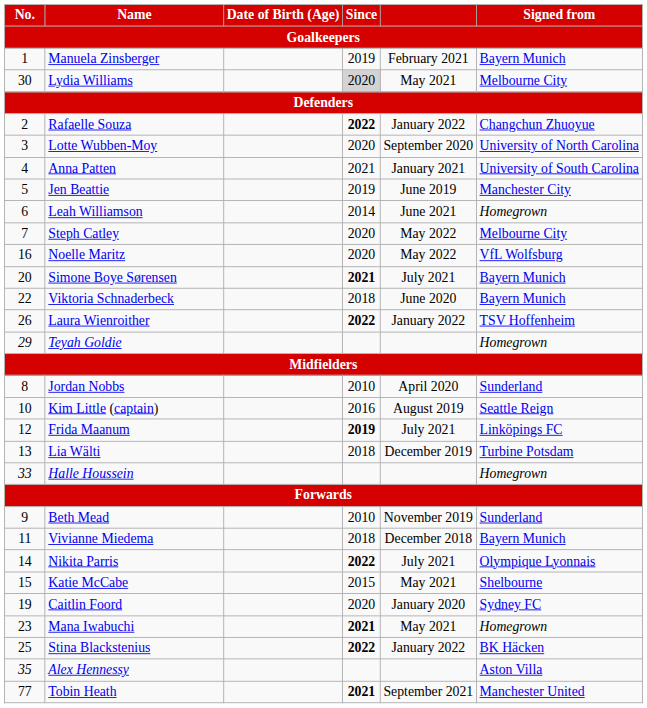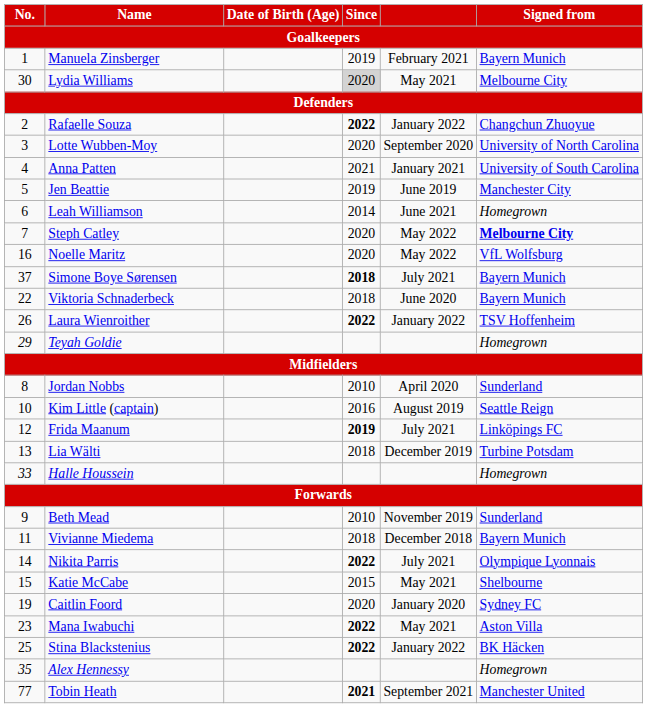 <table class="wikitable" style="text-align:center; font-size:100%; ">
 <tr>
 <th style="background:#d50000; color:white; text-align:center; width:40px;">No.</th>
 <th style="background:#d50000; color:white; text-align:center; width:200px;">Name</th>
 <th style="background:#d50000; color:white; text-align:center;">Date of Birth (Age)</th>
 <th style="background:#d50000; color:white; text-align:center;">Since</th>
 <th style="background:#d50000; color:white; text-align:center;"></th>
 <th style="background:#d50000; color:white; text-align:center;">Signed from</th>
 </tr>
 <tr>
 <th colspan="6" style="background:#d50000; color:white; text-align:center;">Goalkeepers</th>
 </tr>
 <tr>
 <td>1</td>
 <td align="left"> <a href='#'>Manuela Zinsberger</a></td>
 <td></td>
 <td>2019</td>
 <td>February 2021</td>
 <td align="left"> <a href='#'>Bayern Munich</a></td>
 </tr>
 <tr>
 <td>30</td>
 <td align="left"> <a href='#'>Lydia Williams</a></td>
 <td></td>
 <td style="background: lightgrey;">2020</td>
 <td>May 2021</td>
 <td align="left"> <a href='#'>Melbourne City</a></td>
 </tr>
 <tr>
 <th colspan="6" style="background:#d50000; color:white; text-align:center;">Defenders</th>
 </tr>
 <tr>
 <td>2</td>
 <td align="left"> <a href='#'>Rafaelle Souza</a></td>
 <td></td>
 <td><strong>2022</strong></td>
 <td>January 2022</td>
 <td align="left"> <a href='#'>Changchun Zhuoyue</a></td>
 </tr>
 <tr>
 <td>3</td>
 <td align="left"> <a href='#'>Lotte Wubben-Moy</a></td>
 <td></td>
 <td>2020</td>
 <td>September 2020</td>
 <td align="left"> <a href='#'>University of North Carolina</a></td>
 </tr>
 <tr>
 <td>4</td>
 <td align="left"> <a href='#'>Anna Patten</a></td>
 <td></td>
 <td>2021</td>
 <td>January 2021</td>
 <td align="left"> <a href='#'>University of South Carolina</a></td>
 </tr>
 <tr>
 <td>5</td>
 <td align="left"> <a href='#'>Jen Beattie</a></td>
 <td></td>
 <td>2019</td>
 <td>June 2019</td>
 <td align="left"> <a href='#'>Manchester City</a></td>
 </tr>
 <tr>
 <td>6</td>
 <td align="left"> <a href='#'>Leah Williamson</a></td>
 <td></td>
 <td>2014</td>
 <td>June 2021</td>
 <td align="left"><em>Homegrown</em></td>
 </tr>
 <tr>
 <td>7</td>
 <td align="left"> <a href='#'>Steph Catley</a></td>
 <td></td>
 <td>2020</td>
 <td>May 2022</td>
-<td align="left"> <a href='#'>Melbourne City</a></td>
+<td align="left"><strong> <a href='#'>Melbourne City</a></strong></td>
 </tr>
 <tr>
 <td>16</td>
 <td align="left"> <a href='#'>Noelle Maritz</a></td>
 <td></td>
 <td>2020</td>
 <td>May 2022</td>
 <td align="left"> <a href='#'>VfL Wolfsburg</a></td>
 </tr>
 <tr>
-<td>20</td>
+<td>37</td>
 <td align="left"> <a href='#'>Simone Boye Sørensen</a></td>
 <td></td>
-<td><strong>2021</strong></td>
+<td><strong>2018</strong></td>
 <td>July 2021</td>
 <td align="left"> <a href='#'>Bayern Munich</a></td>
 </tr>
 <tr>
 <td>22</td>
 <td align="left"> <a href='#'>Viktoria Schnaderbeck</a></td>
 <td></td>
 <td>2018</td>
 <td>June 2020</td>
 <td align="left"> <a href='#'>Bayern Munich</a></td>
 </tr>
 <tr>
 <td>26</td>
 <td align="left"> <a href='#'>Laura Wienroither</a></td>
 <td></td>
 <td><strong>2022</strong></td>
 <td>January 2022</td>
 <td align="left"> <a href='#'>TSV Hoffenheim</a></td>
 </tr>
 <tr>
 <td><em>29</em></td>
 <td align="left"><em> <a href='#'>Teyah Goldie</a></em></td>
 <td><em></em></td>
 <td></td>
 <td></td>
 <td align="left"><em>Homegrown</em></td>
 </tr>
 <tr>
 <th colspan="6" style="background:#d50000; color:white; text-align:center;">Midfielders</th>
 </tr>
 <tr>
 <td>8</td>
 <td align="left"> <a href='#'>Jordan Nobbs</a></td>
 <td></td>
 <td>2010</td>
 <td>April 2020</td>
 <td align="left"> <a href='#'>Sunderland</a></td>
 </tr>
 <tr>
 <td>10</td>
 <td align="left"> <a href='#'>Kim Little</a> (<a href='#'>captain</a>)</td>
 <td></td>
 <td>2016</td>
 <td>August 2019</td>
 <td align="left"> <a href='#'>Seattle Reign</a></td>
 </tr>
 <tr>
 <td>12</td>
 <td align="left"> <a href='#'>Frida Maanum</a></td>
 <td></td>
 <td><strong>2019</strong></td>
 <td>July 2021</td>
 <td align="left"> <a href='#'>Linköpings FC</a></td>
 </tr>
 <tr>
 <td>13</td>
 <td align="left"> <a href='#'>Lia Wälti</a></td>
 <td></td>
 <td>2018</td>
 <td>December 2019</td>
 <td align="left"> <a href='#'>Turbine Potsdam</a></td>
 </tr>
 <tr>
 <td><em>33</em></td>
 <td align="left"><em> <a href='#'>Halle Houssein</a></em></td>
 <td><em></em></td>
 <td></td>
 <td></td>
 <td align="left"><em>Homegrown</em></td>
 </tr>
 <tr>
 <th colspan="6" style="background:#d50000; color:white; text-align:center;">Forwards</th>
 </tr>
 <tr>
 <td>9</td>
 <td align="left"> <a href='#'>Beth Mead</a></td>
 <td></td>
 <td>2010</td>
 <td>November 2019</td>
 <td align="left"> <a href='#'>Sunderland</a></td>
 </tr>
 <tr>
 <td>11</td>
 <td align="left"> <a href='#'>Vivianne Miedema</a></td>
 <td></td>
 <td>2018</td>
 <td>December 2018</td>
 <td align="left"> <a href='#'>Bayern Munich</a></td>
 </tr>
 <tr>
 <td>14</td>
 <td align="left"> <a href='#'>Nikita Parris</a></td>
 <td></td>
 <td><strong>2022</strong></td>
 <td>July 2021</td>
 <td align="left"> <a href='#'>Olympique Lyonnais</a></td>
 </tr>
 <tr>
 <td>15</td>
 <td align="left"> <a href='#'>Katie McCabe</a></td>
 <td></td>
 <td>2015</td>
 <td>May 2021</td>
 <td align="left"> <a href='#'>Shelbourne</a></td>
 </tr>
 <tr>
 <td>19</td>
 <td align="left"> <a href='#'>Caitlin Foord</a></td>
 <td></td>
 <td>2020</td>
 <td>January 2020</td>
 <td align="left"> <a href='#'>Sydney FC</a></td>
 </tr>
 <tr>
 <td>23</td>
 <td align="left"> <a href='#'>Mana Iwabuchi</a></td>
 <td></td>
-<td><strong>2021</strong></td>
+<td><strong>2022</strong></td>
 <td>May 2021</td>
-<td align="left"><em>Homegrown</em></td>
+<td align="left"> <a href='#'>Aston Villa</a></td>
 </tr>
 <tr>
 <td>25</td>
 <td align="left"> <a href='#'>Stina Blackstenius</a></td>
 <td></td>
 <td><strong>2022</strong></td>
 <td>January 2022</td>
 <td align="left"> <a href='#'>BK Häcken</a></td>
 </tr>
 <tr>
 <td><em>35</em></td>
 <td align="left"><em> <a href='#'>Alex Hennessy</a></em></td>
 <td><em></em></td>
 <td></td>
 <td></td>
-<td align="left"> <a href='#'>Aston Villa</a></td>
+<td align="left"><em>Homegrown</em></td>
 </tr>
 <tr>
 <td>77</td>
 <td align="left"> <a href='#'>Tobin Heath</a></td>
 <td></td>
 <td><strong>2021</strong></td>
 <td>September 2021</td>
 <td align="left"> <a href='#'>Manchester United</a></td>
 </tr>
 </table>
